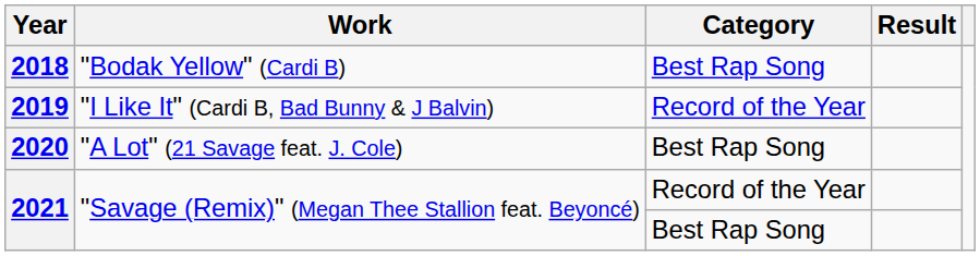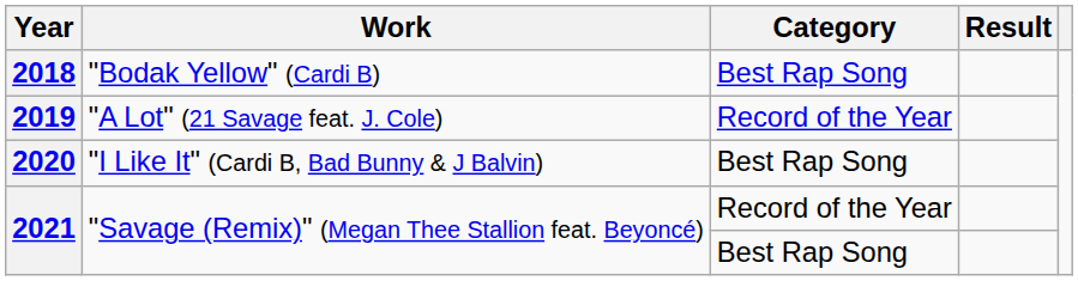 <table class="wikitable sortable plainrowheaders">
 <tr>
 <th scope="col">Year</th>
 <th scope="col">Work</th>
 <th scope="col">Category</th>
 <th scope="col">Result</th>
 <th scope="col" class="unsortable"></th>
 </tr>
 <tr>
 <th scope="row"><a href='#'>2018</a></th>
 <td>"<a href='#'>Bodak Yellow</a>" <small>(<a href='#'>Cardi B</a>)</small></td>
 <td><a href='#'>Best Rap Song</a></td>
 <td></td>
 <td rowspan="5"></td>
 </tr>
 <tr>
 <th scope="row"><a href='#'>2019</a></th>
-<td>"<a href='#'>I Like It</a>" <small>(Cardi B, <a href='#'>Bad Bunny</a> & <a href='#'>J Balvin</a>)</small></td>
+<td>"<a href='#'>A Lot</a>" <small>(<a href='#'>21 Savage</a> feat. <a href='#'>J. Cole</a>)</small></td>
 <td><a href='#'>Record of the Year</a></td>
 <td></td>
 </tr>
 <tr>
 <th scope="row"><a href='#'>2020</a></th>
-<td>"<a href='#'>A Lot</a>" <small>(<a href='#'>21 Savage</a> feat. <a href='#'>J. Cole</a>)</small></td>
+<td>"<a href='#'>I Like It</a>" <small>(Cardi B, <a href='#'>Bad Bunny</a> & <a href='#'>J Balvin</a>)</small></td>
 <td>Best Rap Song</td>
 <td></td>
 </tr>
 <tr>
 <th scope="row" rowspan="2"><a href='#'>2021</a></th>
 <td rowspan="2">"<a href='#'>Savage (Remix)</a>" <small>(<a href='#'>Megan Thee Stallion</a> feat. <a href='#'>Beyoncé</a>)</small></td>
 <td>Record of the Year</td>
 <td></td>
 </tr>
 <tr>
 <td>Best Rap Song</td>
 <td></td>
 </tr>
 </table>
